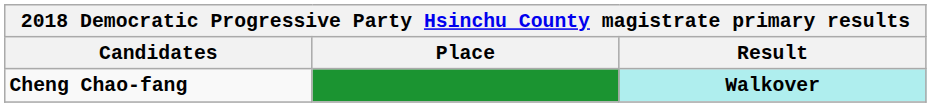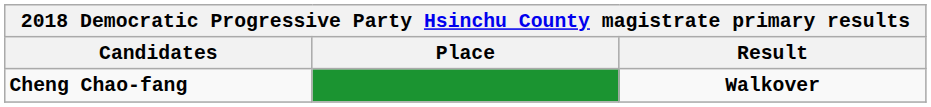 <table class="wikitable collapsible">
 <tr>
 <th colspan="5" width=600>2018 Democratic Progressive Party <a href='#'>Hsinchu County</a> magistrate primary results</th>
 </tr>
 <tr>
 <th width=80>Candidates</th>
 <th width=80>Place</th>
 <th width=80>Result</th>
 </tr>
 <tr>
 <td><strong>Cheng Chao-fang</strong></td>
 <td style="background: #1B9431; text-align:center"><strong></strong></td>
-<td style="background: paleturquoise; text-align:center"><strong>Walkover</strong></td>
+<td style="text-align:center"><strong>Walkover</strong></td>
 </tr>
 </table>
